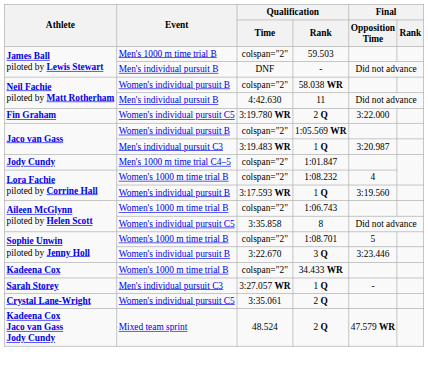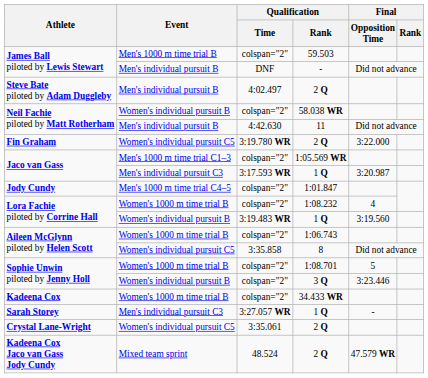 <table class=wikitable style="font-size:90%">
 <tr>
 <th rowspan="2">Athlete</th>
 <th rowspan="2">Event</th>
 <th colspan="2">Qualification</th>
 <th colspan="2">Final</th>
 </tr>
 <tr>
 <th>Time</th>
 <th>Rank</th>
 <th>Opposition<br>Time</th>
 <th>Rank</th>
 </tr>
 <tr align=center>
 <td align=left rowspan=2><strong><a href='#'>James Ball</a></strong><br> piloted by <strong><a href='#'>Lewis Stewart</a></strong></td>
 <td align=left><a href='#'>Men's 1000 m time trial B</a></td>
 <td>colspan="2" </td>
 <td>59.503</td>
 <td></td>
 </tr>
 <tr align=center>
 <td align=left><a href='#'>Men's individual pursuit B</a></td>
 <td>DNF</td>
 <td>-</td>
 <td colspan=2>Did not advance</td>
 </tr>
 <tr align=center>
+<td align=left><strong><a href='#'>Steve Bate</a></strong><br> piloted by <strong><a href='#'>Adam Duggleby</a></strong></td>
+<td align=left><a href='#'>Men's individual pursuit B</a></td>
+<td>4:02.497</td>
+<td>2 <strong>Q</strong></td>
+<td></td>
+<td></td>
+</tr>
+<tr align=center>
 <td align=left rowspan=2><strong><a href='#'>Neil Fachie</a></strong><br> piloted by <strong><a href='#'>Matt Rotherham</a></strong></td>
 <td align=left><a href='#'>Women's individual pursuit B</a></td>
 <td>colspan="2" </td>
 <td>58.038 <strong>WR</strong></td>
 <td></td>
 </tr>
 <tr align=center>
 <td align=left><a href='#'>Men's individual pursuit B</a></td>
 <td>4:42.630</td>
 <td>11</td>
 <td colspan=2>Did not advance</td>
 </tr>
 <tr align=center>
 <td align=left><strong><a href='#'>Fin Graham</a></strong></td>
 <td align=left><a href='#'>Women's individual pursuit C5</a></td>
 <td>3:19.780 <strong>WR</strong></td>
 <td>2 <strong>Q</strong></td>
 <td>3:22.000</td>
 <td></td>
 </tr>
 <tr align=center>
 <td align=left rowspan=2><strong><a href='#'>Jaco van Gass</a></strong></td>
-<td align=left><a href='#'>Women's individual pursuit B</a></td>
+<td align=left><a href='#'>Men's 1000 m time trial C1–3</a></td>
 <td>colspan="2" </td>
 <td>1:05.569 <strong>WR</strong> </td>
 <td></td>
 </tr>
 <tr align=center>
 <td align=left><a href='#'>Men's individual pursuit C3</a></td>
-<td>3:19.483 <strong>WR</strong></td>
+<td>3:17.593 <strong>WR</strong></td>
 <td>1 <strong>Q</strong></td>
 <td>3:20.987</td>
 <td></td>
 </tr>
 <tr align=center>
 <td align=left><strong><a href='#'>Jody Cundy</a></strong></td>
 <td align=left><a href='#'>Men's 1000 m time trial C4–5</a></td>
 <td>colspan="2" </td>
 <td>1:01.847</td>
 <td></td>
 </tr>
 <tr align=center>
 <td align=left rowspan=2><strong><a href='#'>Lora Fachie</a></strong><br> piloted by <strong><a href='#'>Corrine Hall</a></strong></td>
 <td align=left><a href='#'>Women's 1000 m time trial B</a></td>
 <td>colspan="2" </td>
 <td>1:08.232</td>
 <td>4</td>
 </tr>
 <tr align=center>
 <td align=left><a href='#'>Women's individual pursuit B</a></td>
-<td>3:17.593 <strong>WR</strong></td>
+<td>3:19.483 <strong>WR</strong></td>
 <td>1 <strong>Q</strong></td>
 <td>3:19.560</td>
 <td></td>
 </tr>
 <tr align=center>
 <td align=left rowspan=2><strong><a href='#'>Aileen McGlynn</a></strong><br> piloted by <strong><a href='#'>Helen Scott</a></strong></td>
 <td align=left><a href='#'>Women's 1000 m time trial B</a></td>
 <td>colspan="2" </td>
 <td>1:06.743</td>
 <td></td>
 </tr>
 <tr align=center>
 <td align=left><a href='#'>Women's individual pursuit C5</a></td>
 <td>3:35.858</td>
 <td>8</td>
 <td colspan=2>Did not advance</td>
 </tr>
 <tr align=center>
 <td align=left rowspan=2><strong><a href='#'>Sophie Unwin</a></strong><br> piloted by <strong><a href='#'>Jenny Holl</a></strong></td>
 <td align=left><a href='#'>Women's 1000 m time trial B</a></td>
 <td>colspan="2" </td>
 <td>1:08.701</td>
 <td>5</td>
 </tr>
 <tr align=center>
 <td align=left><a href='#'>Women's individual pursuit B</a></td>
-<td>3:22.670</td>
+<td>colspan="2" </td>
 <td>3 <strong>Q</strong></td>
 <td>3:23.446</td>
 <td></td>
 </tr>
 <tr align=center>
 <td align=left><strong><a href='#'>Kadeena Cox</a></strong></td>
 <td align=left><a href='#'>Women's 1000 m time trial B</a></td>
 <td>colspan="2" </td>
 <td>34.433 <strong>WR</strong></td>
 <td></td>
 </tr>
 <tr align=center>
 <td align=left><strong><a href='#'>Sarah Storey</a></strong></td>
 <td align=left><a href='#'>Men's individual pursuit C3</a></td>
 <td>3:27.057 <strong>WR</strong></td>
 <td>1 <strong>Q</strong></td>
 <td>-</td>
 <td></td>
 </tr>
 <tr align=center>
 <td align=left><strong><a href='#'>Crystal Lane-Wright</a></strong></td>
 <td align=left><a href='#'>Women's individual pursuit C5</a></td>
 <td>3:35.061</td>
 <td>2 <strong>Q</strong></td>
 <td></td>
 <td></td>
 </tr>
 <tr align=center>
 <td align=left><strong><a href='#'>Kadeena Cox</a></strong><br><strong><a href='#'>Jaco van Gass</a></strong><br><strong><a href='#'>Jody Cundy</a></strong></td>
 <td align=left><a href='#'>Mixed team sprint</a></td>
 <td>48.524</td>
 <td>2 <strong>Q</strong></td>
 <td>47.579 <strong>WR</strong></td>
 <td></td>
 </tr>
 </table>
